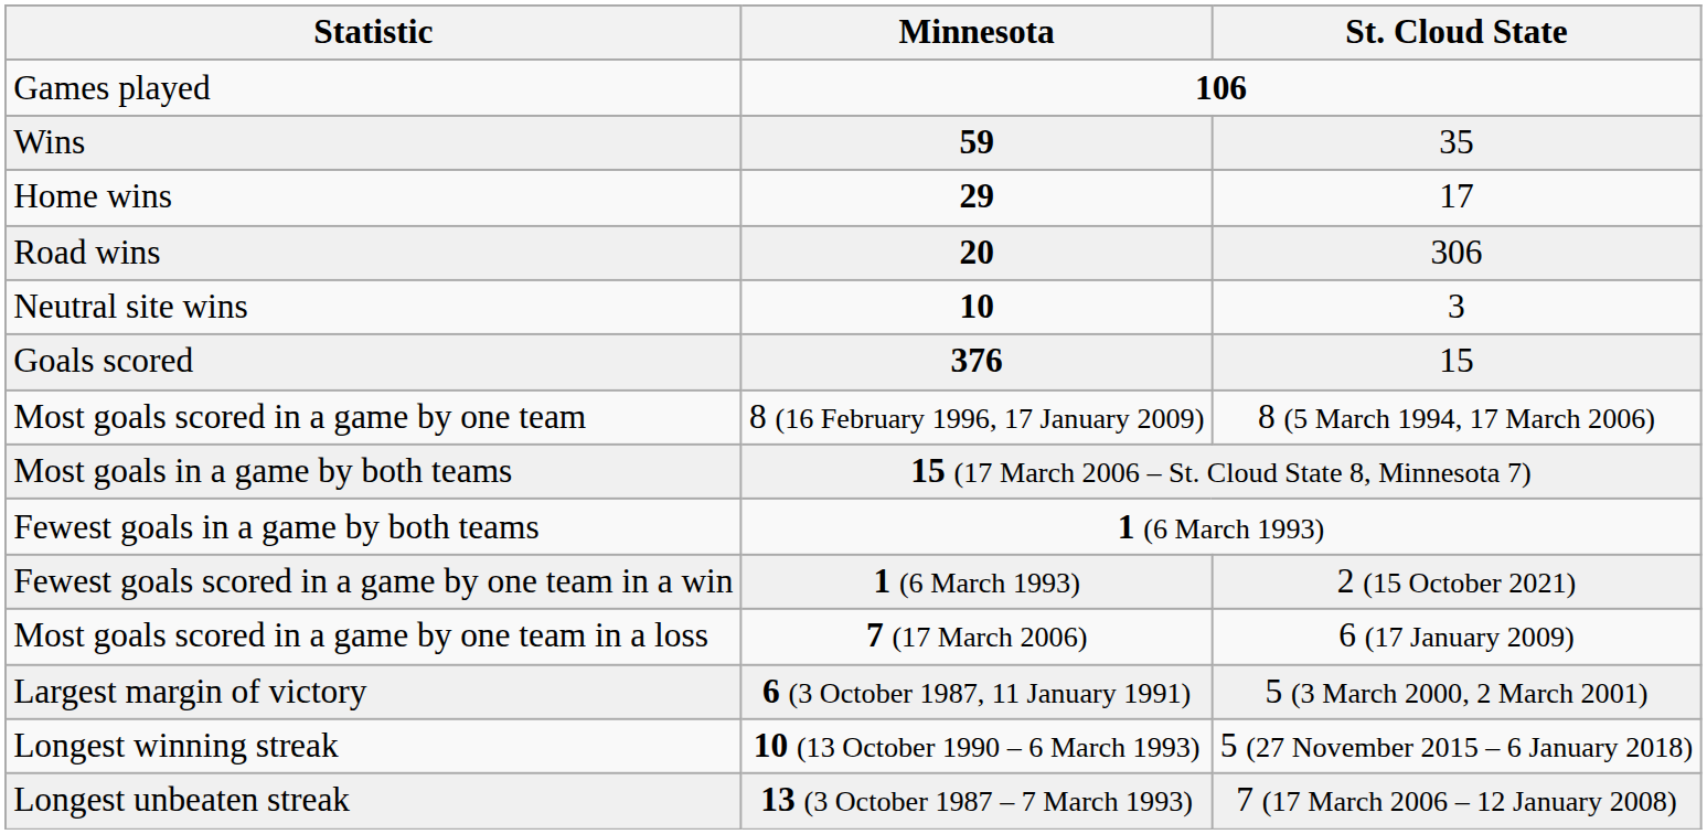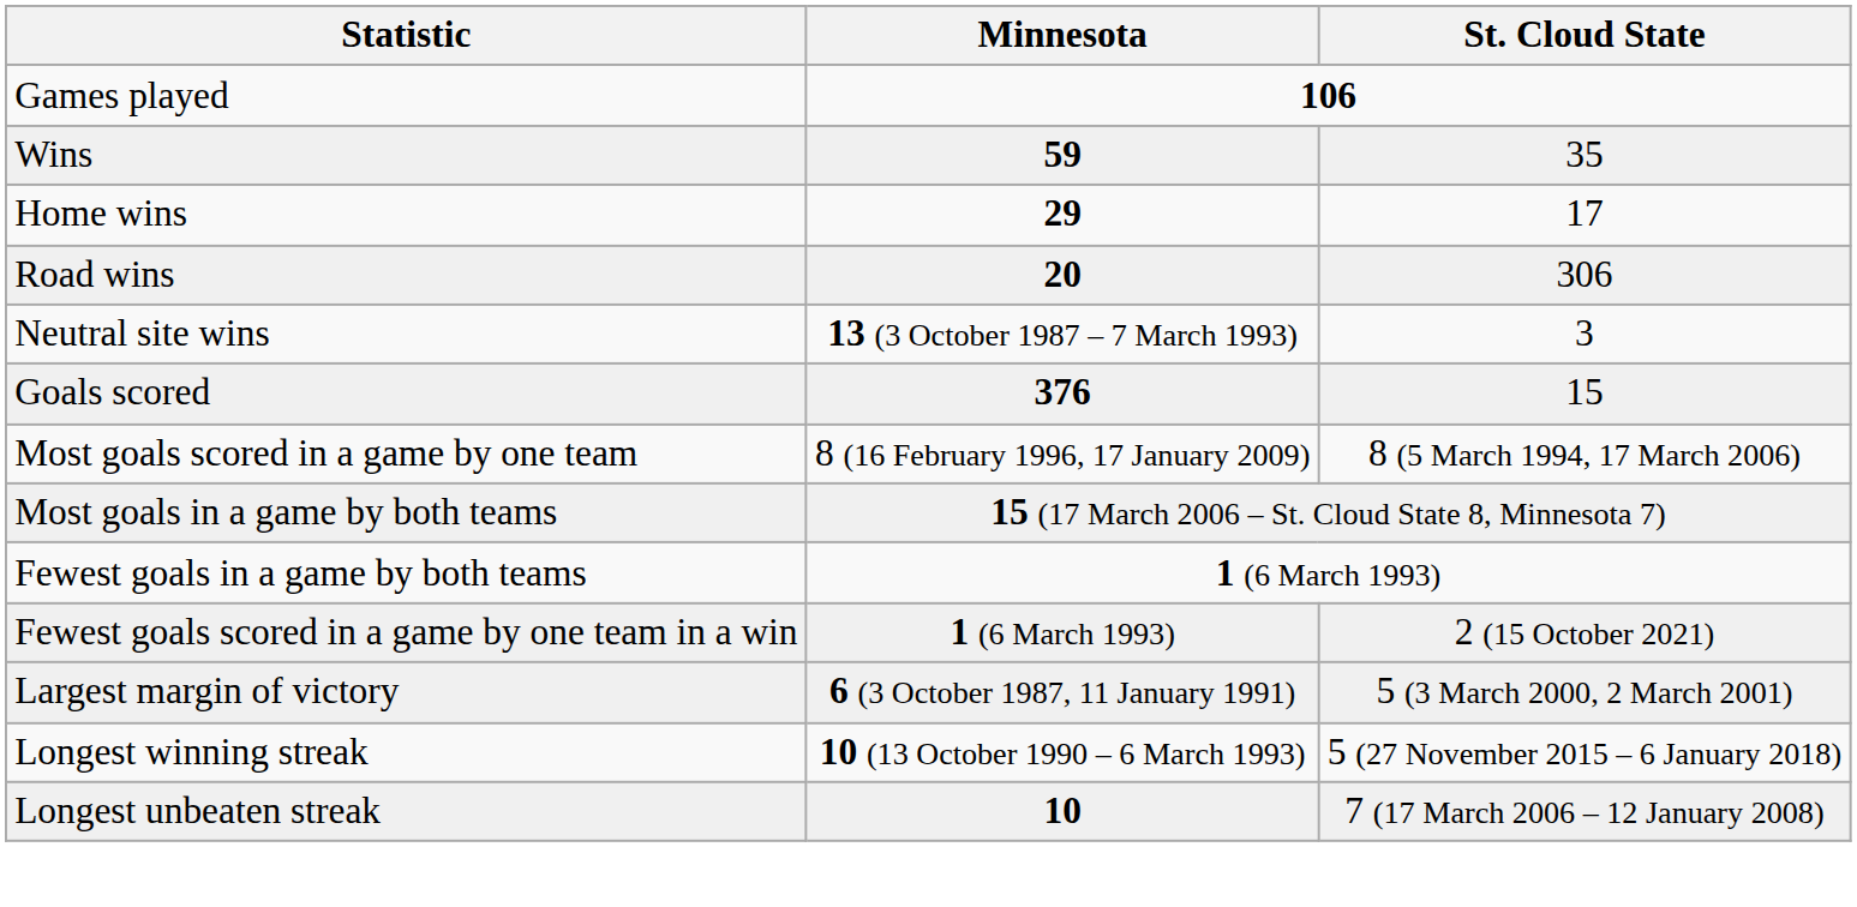 <table class="wikitable">
 <tr>
 <th>Statistic</th>
 <th>Minnesota</th>
 <th>St. Cloud State</th>
 </tr>
 <tr>
 <td>Games played</td>
 <td align=center colspan=2><strong>106</strong></td>
 </tr>
 <tr bgcolor=f0f0f0>
 <td>Wins</td>
 <td align=center><strong>59</strong></td>
 <td align=center>35</td>
 </tr>
 <tr>
 <td>Home wins</td>
 <td align=center><strong>29</strong></td>
 <td align=center>17</td>
 </tr>
 <tr bgcolor=f0f0f0>
 <td>Road wins</td>
 <td align=center><strong>20</strong></td>
 <td align=center>306</td>
 </tr>
 <tr>
 <td>Neutral site wins</td>
-<td align=center><strong>10</strong></td>
+<td align=center><strong>13</strong> <small>(3 October 1987 – 7 March 1993)</small></td>
 <td align=center>3</td>
 </tr>
 <tr bgcolor=f0f0f0>
 <td>Goals scored</td>
 <td align=center><strong>376</strong></td>
 <td align=center>15</td>
 </tr>
 <tr>
 <td>Most goals scored in a game by one team</td>
 <td align=center>8 <small>(16 February 1996, 17 January 2009)</small></td>
 <td align=center>8 <small>(5 March 1994, 17 March 2006)</small></td>
 </tr>
 <tr bgcolor=f0f0f0>
 <td>Most goals in a game by both teams</td>
 <td align=center colspan=2><strong>15</strong> <small>(17 March 2006 – St. Cloud State 8, Minnesota 7)</small></td>
 </tr>
 <tr>
 <td>Fewest goals in a game by both teams</td>
 <td align=center colspan=2><strong>1</strong> <small>(6 March 1993)</small></td>
 </tr>
 <tr bgcolor=f0f0f0>
 <td>Fewest goals scored in a game by one team in a win</td>
 <td align=center><strong>1</strong> <small>(6 March 1993)</small></td>
 <td align=center>2 <small>(15 October 2021)</small></td>
 </tr>
-<tr>
-<td>Most goals scored in a game by one team in a loss</td>
-<td align=center><strong>7</strong> <small>(17 March 2006)</small></td>
-<td align=center>6 <small>(17 January 2009)</small></td>
-</tr>
 <tr bgcolor=f0f0f0>
 <td>Largest margin of victory</td>
 <td align=center><strong>6</strong> <small>(3 October 1987, 11 January 1991)</small></td>
 <td align=center>5 <small>(3 March 2000, 2 March 2001)</small></td>
 </tr>
 <tr>
 <td>Longest winning streak</td>
 <td align=center><strong>10</strong> <small>(13 October 1990 – 6 March 1993)</small></td>
 <td align=center>5 <small>(27 November 2015 – 6 January 2018)</small></td>
 </tr>
 <tr bgcolor=f0f0f0>
 <td>Longest unbeaten streak</td>
-<td align=center><strong>13</strong> <small>(3 October 1987 – 7 March 1993)</small></td>
+<td align=center><strong>10</strong></td>
 <td align=center>7 <small>(17 March 2006 – 12 January 2008)</small></td>
 </tr>
 </table>
